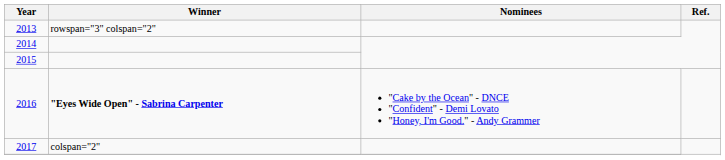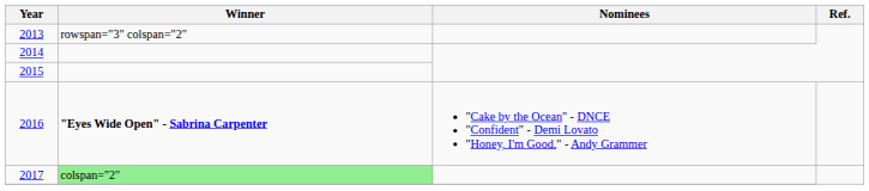 <table class="wikitable" width=90%>
 <tr>
 <th>Year</th>
 <th>Winner</th>
 <th>Nominees</th>
 <th>Ref.</th>
 </tr>
 <tr>
 <td align="center"><a href='#'>2013</a></td>
 <td>rowspan="3" colspan="2" </td>
 <td align="center"></td>
 </tr>
 <tr>
 <td align="center"><a href='#'>2014</a></td>
 <td align="center"></td>
 </tr>
 <tr>
 <td align="center"><a href='#'>2015</a></td>
 <td align="center"></td>
 </tr>
 <tr>
 <td align="center"><a href='#'>2016</a></td>
 <td><strong>"Eyes Wide Open" - <a href='#'>Sabrina Carpenter</a></strong></td>
 <td><br><ul><li>"<a href='#'>Cake by the Ocean</a>" - <a href='#'>DNCE</a></li><li>"<a href='#'>Confident</a>" - <a href='#'>Demi Lovato</a></li><li>"<a href='#'>Honey, I'm Good.</a>" - <a href='#'>Andy Grammer</a></li></ul></td>
 <td align="center"></td>
 </tr>
 <tr>
 <td align="center"><a href='#'>2017</a></td>
-<td>colspan="2" </td>
+<td style="background: lightgreen;">colspan="2" </td>
 <td></td>
 </tr>
 <tr>
 </tr>
 </table>
